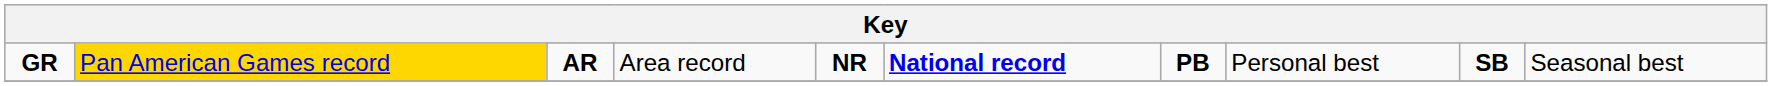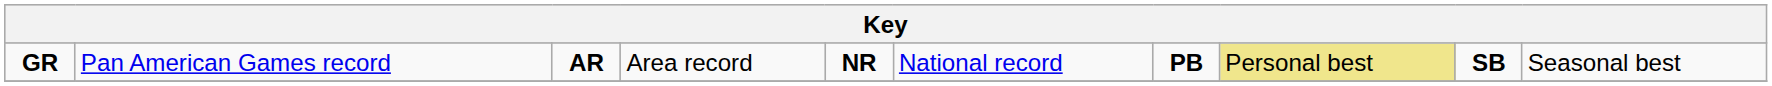 <table class="wikitable" style="font-size:95%;position:relative;" width=70%>
 <tr>
 <th colspan=10>Key</th>
 </tr>
 <tr>
 <td align=center><strong>GR</strong></td>
-<td style="background: gold;"><a href='#'>Pan American Games record</a></td>
+<td><a href='#'>Pan American Games record</a></td>
 <td align=center><strong>AR</strong></td>
 <td>Area record</td>
 <td align=center><strong>NR</strong></td>
-<td><strong><a href='#'>National record</a></strong></td>
+<td><a href='#'>National record</a></td>
 <td align=center><strong>PB</strong></td>
-<td>Personal best</td>
+<td style="background: khaki;">Personal best</td>
 <td align=center><strong>SB</strong></td>
 <td>Seasonal best</td>
 </tr>
 <tr>
 </tr>
 </table>
